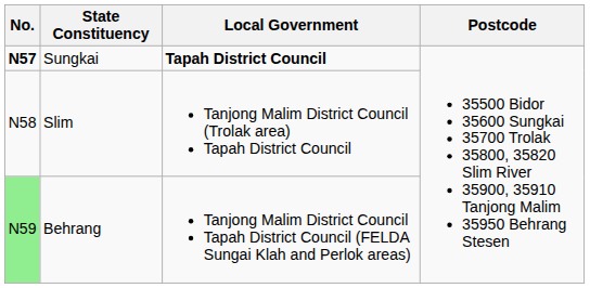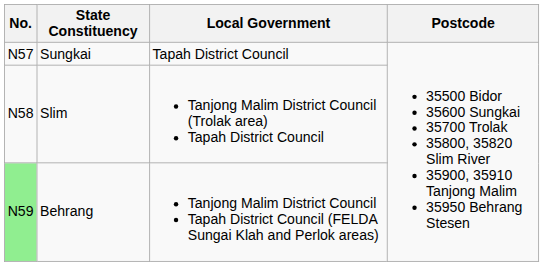 <table class="wikitable">
 <tr>
 <th>No.</th>
 <th>State Constituency</th>
 <th>Local Government</th>
 <th>Postcode</th>
 </tr>
 <tr>
-<td><strong>N57</strong></td>
+<td>N57</td>
 <td>Sungkai</td>
-<td><strong>Tapah District Council</strong></td>
+<td>Tapah District Council</td>
 <td rowspan="3"><br><ul><li>35500 Bidor</li><li>35600 Sungkai</li><li>35700 Trolak</li><li>35800, 35820 Slim River</li><li>35900, 35910 Tanjong Malim</li><li>35950 Behrang Stesen</li></ul></td>
 </tr>
 <tr>
 <td>N58</td>
 <td>Slim</td>
 <td><br><ul><li>Tanjong Malim District Council (Trolak area)</li><li>Tapah District Council</li></ul></td>
 </tr>
 <tr>
 <td style="background: lightgreen;">N59</td>
 <td>Behrang</td>
 <td><br><ul><li>Tanjong Malim District Council</li><li>Tapah District Council (FELDA Sungai Klah and Perlok areas)</li></ul></td>
 </tr>
 </table>
